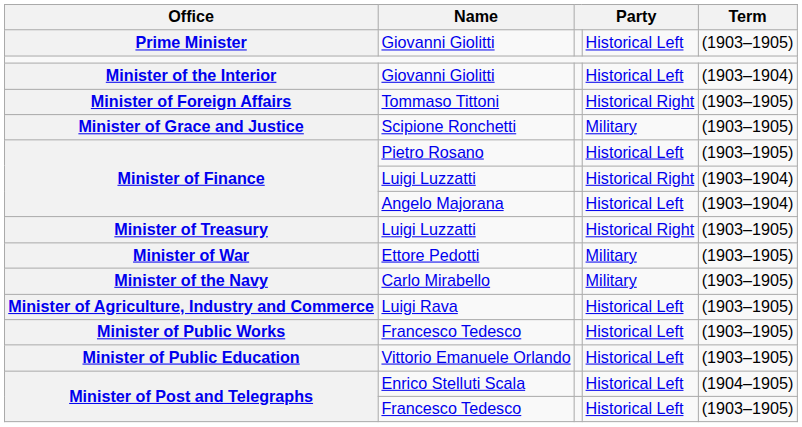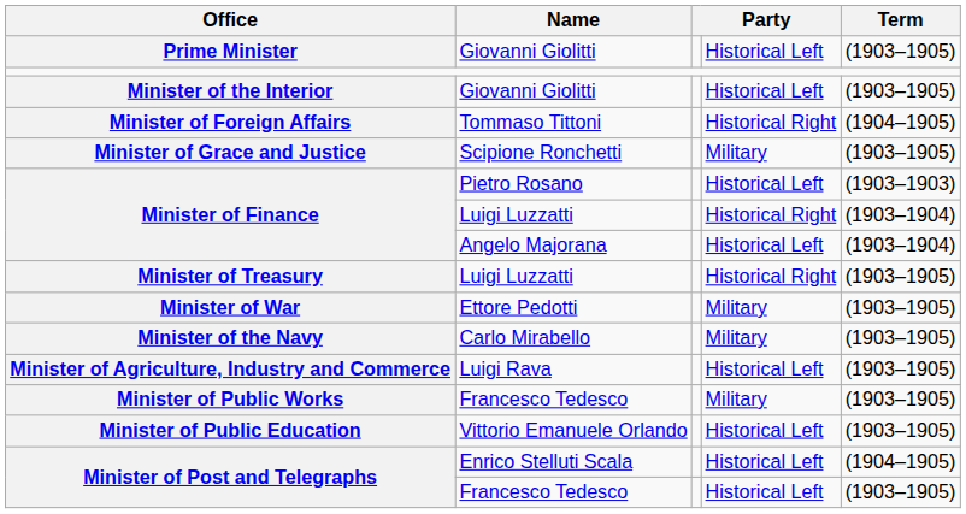 <table class="wikitable" style="font-size: 100%;">
 <tr>
 <th>Office</th>
 <th>Name</th>
 <th colspan=2>Party</th>
 <th>Term</th>
 </tr>
 <tr>
 <th><a href='#'>Prime Minister</a></th>
 <td><a href='#'>Giovanni Giolitti</a></td>
 <td style="color:inherit;background:"></td>
 <td><a href='#'>Historical Left</a></td>
 <td>(1903–1905)</td>
 </tr>
 <tr>
 <td colspan=6></td>
 </tr>
 <tr>
 <th><a href='#'>Minister of the Interior</a></th>
 <td><a href='#'>Giovanni Giolitti</a></td>
 <td style="color:inherit;background:"></td>
 <td><a href='#'>Historical Left</a></td>
-<td>(1903–1904)</td>
+<td>(1903–1905)</td>
 </tr>
 <tr>
 <th><a href='#'>Minister of Foreign Affairs</a></th>
 <td><a href='#'>Tommaso Tittoni</a></td>
 <td style="color:inherit;background:"></td>
 <td><a href='#'>Historical Right</a></td>
-<td>(1903–1905)</td>
+<td>(1904–1905)</td>
 </tr>
 <tr>
 <th><a href='#'>Minister of Grace and Justice</a></th>
 <td><a href='#'>Scipione Ronchetti</a></td>
 <td style="color:inherit;background:"></td>
 <td><a href='#'>Military</a></td>
 <td>(1903–1905)</td>
 </tr>
 <tr>
 <th rowspan=3><a href='#'>Minister of Finance</a></th>
 <td><a href='#'>Pietro Rosano</a></td>
 <td style="color:inherit;background:"></td>
 <td><a href='#'>Historical Left</a></td>
-<td>(1903–1905)</td>
+<td>(1903–1903)</td>
 </tr>
 <tr>
 <td><a href='#'>Luigi Luzzatti</a></td>
 <td style="color:inherit;background:"></td>
 <td><a href='#'>Historical Right</a></td>
 <td>(1903–1904)</td>
 </tr>
 <tr>
 <td><a href='#'>Angelo Majorana</a></td>
 <td style="color:inherit;background:"></td>
 <td><a href='#'>Historical Left</a></td>
 <td>(1903–1904)</td>
 </tr>
 <tr>
 <th><a href='#'>Minister of Treasury</a></th>
 <td><a href='#'>Luigi Luzzatti</a></td>
 <td style="color:inherit;background:"></td>
 <td><a href='#'>Historical Right</a></td>
 <td>(1903–1905)</td>
 </tr>
 <tr>
 <th><a href='#'>Minister of War</a></th>
 <td><a href='#'>Ettore Pedotti</a></td>
 <td style="color:inherit;background:"></td>
 <td><a href='#'>Military</a></td>
 <td>(1903–1905)</td>
 </tr>
 <tr>
 <th><a href='#'>Minister of the Navy</a></th>
 <td><a href='#'>Carlo Mirabello</a></td>
 <td style="color:inherit;background:"></td>
 <td><a href='#'>Military</a></td>
 <td>(1903–1905)</td>
 </tr>
 <tr>
 <th><a href='#'>Minister of Agriculture, Industry and Commerce</a></th>
 <td><a href='#'>Luigi Rava</a></td>
 <td style="color:inherit;background:"></td>
 <td><a href='#'>Historical Left</a></td>
 <td>(1903–1905)</td>
 </tr>
 <tr>
 <th><a href='#'>Minister of Public Works</a></th>
 <td><a href='#'>Francesco Tedesco</a></td>
 <td style="color:inherit;background:"></td>
-<td><a href='#'>Historical Left</a></td>
+<td><a href='#'>Military</a></td>
 <td>(1903–1905)</td>
 </tr>
 <tr>
 <th><a href='#'>Minister of Public Education</a></th>
 <td><a href='#'>Vittorio Emanuele Orlando</a></td>
 <td style="color:inherit;background:"></td>
 <td><a href='#'>Historical Left</a></td>
 <td>(1903–1905)</td>
 </tr>
 <tr>
 <th rowspan=2><a href='#'>Minister of Post and Telegraphs</a></th>
 <td><a href='#'>Enrico Stelluti Scala</a></td>
 <td style="color:inherit;background:"></td>
 <td><a href='#'>Historical Left</a></td>
 <td>(1904–1905)</td>
 </tr>
 <tr>
 <td><a href='#'>Francesco Tedesco</a></td>
 <td style="color:inherit;background:"></td>
 <td><a href='#'>Historical Left</a></td>
 <td>(1903–1905)</td>
 </tr>
 </table>
